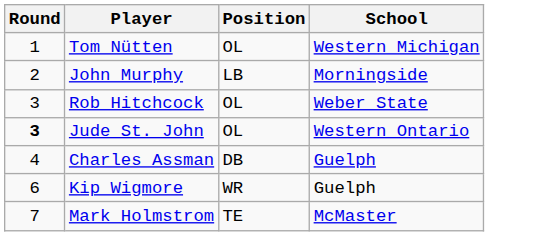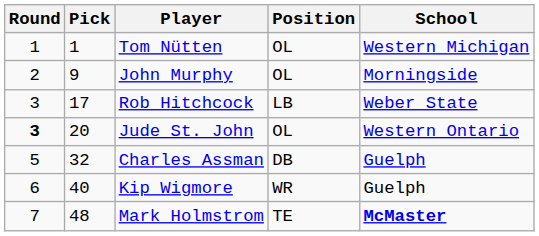 <table class="wikitable">
 <tr>
 <th scope="col">Round</th>
+<th scope="col">Pick</th>
 <th scope="col">Player</th>
 <th scope="col">Position</th>
 <th scope="col">School</th>
 </tr>
 <tr>
 <td align=center>1</td>
+<td>1</td>
 <td><a href='#'>Tom Nütten</a></td>
 <td>OL</td>
 <td><a href='#'>Western Michigan</a></td>
 </tr>
 <tr>
 <td align=center>2</td>
+<td>9</td>
 <td><a href='#'>John Murphy</a></td>
-<td>LB</td>
+<td>OL</td>
 <td><a href='#'>Morningside</a></td>
 </tr>
 <tr>
 <td align=center>3</td>
+<td>17</td>
 <td><a href='#'>Rob Hitchcock</a></td>
-<td>OL</td>
+<td>LB</td>
 <td><a href='#'>Weber State</a></td>
 </tr>
 <tr>
 <td align=center><strong>3</strong></td>
+<td>20</td>
 <td><a href='#'>Jude St. John</a></td>
 <td>OL</td>
 <td><a href='#'>Western Ontario</a></td>
 </tr>
 <tr>
-<td align=center>4</td>
+<td align=center>5</td>
+<td>32</td>
 <td><a href='#'>Charles Assman</a></td>
 <td>DB</td>
 <td><a href='#'>Guelph</a></td>
 </tr>
 <tr>
 <td align=center>6</td>
+<td>40</td>
 <td><a href='#'>Kip Wigmore</a></td>
 <td>WR</td>
 <td>Guelph</td>
 </tr>
 <tr>
 <td align=center>7</td>
+<td>48</td>
 <td><a href='#'>Mark Holmstrom</a></td>
 <td>TE</td>
-<td><a href='#'>McMaster</a></td>
+<td><strong><a href='#'>McMaster</a></strong></td>
 </tr>
 </table>
